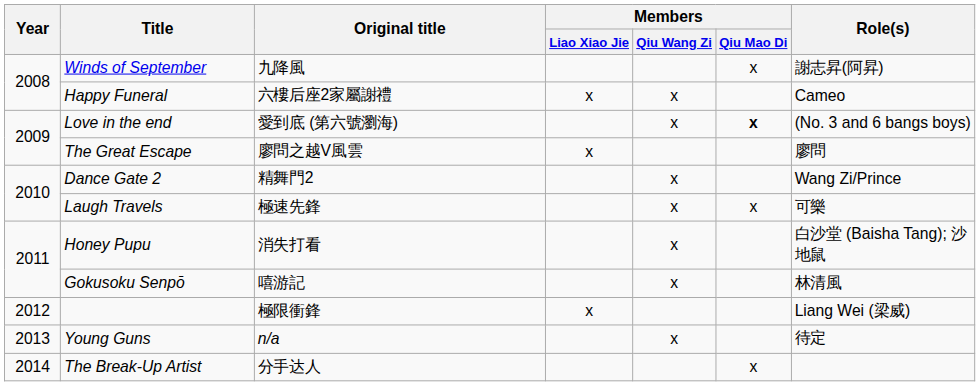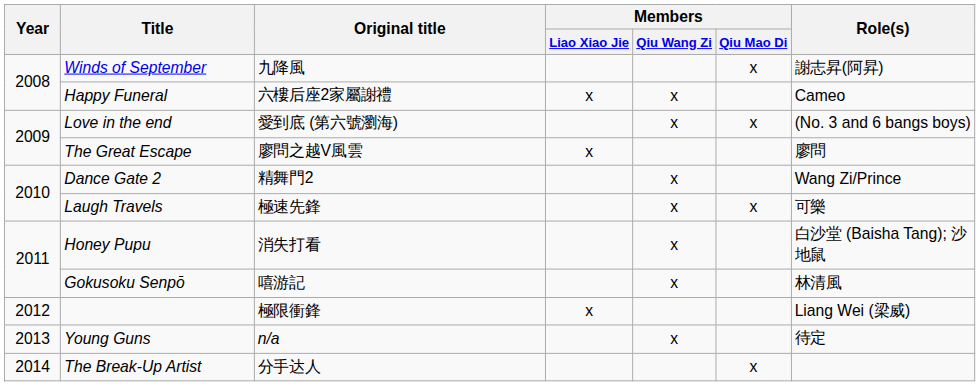 <table class="wikitable">
 <tr>
 <th style="width:50px;" rowspan=2>Year</th>
 <th style="width:190px;" rowspan=2>Title</th>
 <th style="width:290px;" rowspan=2>Original title</th>
 <th style="width:100px;" colspan=3>Members</th>
 <th style="width:180px;" rowspan=2>Role(s)</th>
 </tr>
 <tr>
 <th><small><a href='#'>Liao Xiao Jie</a></small></th>
 <th><small><a href='#'>Qiu Wang Zi</a></small></th>
 <th><small><a href='#'>Qiu Mao Di</a></small></th>
 </tr>
 <tr>
 <td style="text-align:center" rowspan=2>2008</td>
 <td><em><a href='#'>Winds of September</a></em></td>
 <td>九降風</td>
 <td></td>
 <td></td>
 <td style="text-align:center">x</td>
 <td>謝志昇(阿昇)</td>
 </tr>
 <tr>
 <td><em>Happy Funeral</em></td>
 <td>六樓后座2家屬謝禮</td>
 <td style="text-align:center">x</td>
 <td style="text-align:center">x</td>
 <td></td>
 <td>Cameo</td>
 </tr>
 <tr>
 <td style="text-align:center" rowspan=2>2009</td>
 <td><em> Love in the end</em></td>
 <td>愛到底 (第六號瀏海)</td>
 <td></td>
 <td style="text-align:center">x</td>
-<td style="text-align:center"><strong>x</strong></td>
+<td style="text-align:center">x</td>
 <td>(No. 3 and 6 bangs boys)</td>
 </tr>
 <tr>
 <td><em>The Great Escape</em></td>
 <td>廖問之越V風雲</td>
 <td style="text-align:center">x</td>
 <td></td>
 <td></td>
 <td>廖問</td>
 </tr>
 <tr>
 <td style="text-align:center" rowspan=2>2010</td>
 <td><em>Dance Gate 2</em></td>
 <td>精舞門2</td>
 <td></td>
 <td style="text-align:center">x</td>
 <td></td>
 <td>Wang Zi/Prince</td>
 </tr>
 <tr>
 <td><em>Laugh Travels</em></td>
 <td>極速先鋒</td>
 <td></td>
 <td style="text-align:center">x</td>
 <td style="text-align:center">x</td>
 <td>可樂</td>
 </tr>
 <tr>
 <td style="text-align:center" rowspan=2>2011</td>
 <td><em>Honey Pupu</em></td>
 <td>消失打看</td>
 <td></td>
 <td style="text-align:center">x</td>
 <td></td>
 <td>白沙堂 (Baisha Tang); 沙地鼠</td>
 </tr>
 <tr>
 <td><em>Gokusoku Senpō</em></td>
 <td>嘻游記</td>
 <td></td>
 <td style="text-align:center">x</td>
 <td></td>
 <td>林清風</td>
 </tr>
 <tr>
 <td style="text-align:center">2012</td>
 <td></td>
 <td>極限衝鋒</td>
 <td style="text-align:center">x</td>
 <td></td>
 <td></td>
 <td>Liang Wei (梁威)</td>
 </tr>
 <tr>
 <td style="text-align:center">2013</td>
 <td><em>Young Guns</em></td>
 <td><em>n/a</em></td>
 <td></td>
 <td style="text-align:center">x</td>
 <td></td>
 <td>待定</td>
 </tr>
 <tr>
 <td style="text-align:center">2014</td>
 <td><em>The Break-Up Artist</em></td>
 <td>分手达人</td>
 <td></td>
 <td></td>
 <td style="text-align:center">x</td>
 </tr>
 </table>
